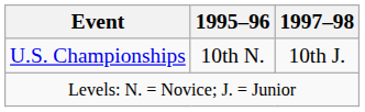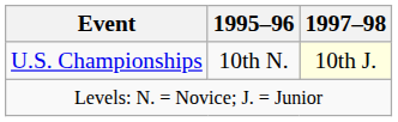 <table class="wikitable" style="text-align:center">
 <tr>
 <th>Event</th>
 <th>1995–96 <br></th>
 <th>1997–98 <br></th>
 </tr>
 <tr>
 <td align=left><a href='#'>U.S. Championships</a></td>
 <td>10th N.</td>
-<td>10th J.</td>
+<td style="background: lightyellow;">10th J.</td>
 </tr>
 <tr>
 <td colspan=3 align=center><small> Levels: N. = Novice; J. = Junior </small></td>
 </tr>
 </table>
